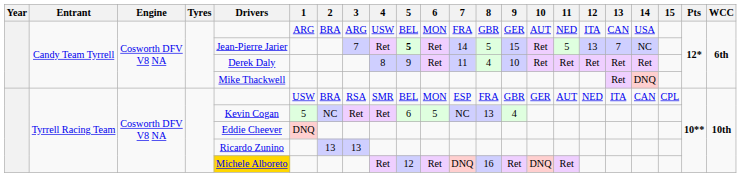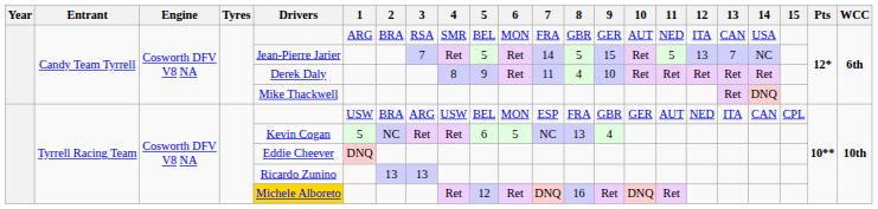 <table class="wikitable" style="text-align:center; font-size:95%">
 <tr>
 <th>Year</th>
 <th>Entrant</th>
 <th>Engine</th>
 <th>Tyres</th>
 <th>Drivers</th>
 <th>1</th>
 <th>2</th>
 <th>3</th>
 <th>4</th>
 <th>5</th>
 <th>6</th>
 <th>7</th>
 <th>8</th>
 <th>9</th>
 <th>10</th>
 <th>11</th>
 <th>12</th>
 <th>13</th>
 <th>14</th>
 <th>15</th>
 <th>Pts</th>
 <th>WCC</th>
 </tr>
 <tr>
 <th rowspan="4"></th>
 <td rowspan="4"><a href='#'>Candy Team Tyrrell</a></td>
 <td rowspan="4"><a href='#'>Cosworth DFV</a><br><a href='#'>V8</a> <a href='#'>NA</a></td>
 <td rowspan="4"></td>
 <td></td>
 <td><a href='#'>ARG</a></td>
 <td><a href='#'>BRA</a></td>
-<td><a href='#'>ARG</a></td>
-<td><a href='#'>USW</a></td>
+<td><a href='#'>RSA</a></td>
+<td><a href='#'>SMR</a></td>
 <td><a href='#'>BEL</a></td>
 <td><a href='#'>MON</a></td>
 <td><a href='#'>FRA</a></td>
 <td><a href='#'>GBR</a></td>
 <td><a href='#'>GER</a></td>
 <td><a href='#'>AUT</a></td>
 <td><a href='#'>NED</a></td>
 <td><a href='#'>ITA</a></td>
 <td><a href='#'>CAN</a></td>
 <td><a href='#'>USA</a></td>
 <td></td>
 <td rowspan="4"><strong>12*</strong></td>
 <td rowspan="4"><strong>6th</strong></td>
 </tr>
 <tr>
 <td><a href='#'>Jean-Pierre Jarier</a></td>
 <td></td>
 <td></td>
 <td style="background:#CFCFFF;">7</td>
 <td style="background:#EFCFFF;">Ret</td>
-<td style="background:#DFFFDF;"><strong>5</strong></td>
+<td style="background:#DFFFDF;">5</td>
 <td style="background:#EFCFFF;">Ret</td>
 <td style="background:#CFCFFF;">14</td>
 <td style="background:#DFFFDF;">5</td>
 <td style="background:#CFCFFF;">15</td>
 <td style="background:#EFCFFF;">Ret</td>
 <td style="background:#DFFFDF;">5</td>
 <td style="background:#CFCFFF;">13</td>
 <td style="background:#CFCFFF;">7</td>
 <td style="background:#CFCFFF;">NC</td>
 <td></td>
 </tr>
 <tr>
 <td><a href='#'>Derek Daly</a></td>
 <td></td>
 <td></td>
 <td></td>
 <td style="background:#CFCFFF;">8</td>
 <td style="background:#CFCFFF;">9</td>
 <td style="background:#EFCFFF;">Ret</td>
 <td style="background:#CFCFFF;">11</td>
 <td style="background:#DFFFDF;">4</td>
 <td style="background:#CFCFFF;">10</td>
 <td style="background:#EFCFFF;">Ret</td>
 <td style="background:#EFCFFF;">Ret</td>
 <td style="background:#EFCFFF;">Ret</td>
 <td style="background:#EFCFFF;">Ret</td>
 <td style="background:#EFCFFF;">Ret</td>
 <td></td>
 </tr>
 <tr>
 <td><a href='#'>Mike Thackwell</a></td>
 <td></td>
 <td></td>
 <td></td>
 <td></td>
 <td></td>
 <td></td>
 <td></td>
 <td></td>
 <td></td>
 <td></td>
 <td></td>
 <td></td>
 <td style="background:#EFCFFF;">Ret</td>
 <td style="background:#FFCFCF;">DNQ</td>
 <td></td>
 </tr>
 <tr>
 <th rowspan=5></th>
 <td rowspan=5><a href='#'>Tyrrell Racing Team</a></td>
 <td rowspan=5><a href='#'>Cosworth DFV</a><br><a href='#'>V8</a> <a href='#'>NA</a></td>
 <td rowspan=5><br></td>
 <td></td>
 <td><a href='#'>USW</a></td>
 <td><a href='#'>BRA</a></td>
-<td><a href='#'>RSA</a></td>
-<td><a href='#'>SMR</a></td>
+<td><a href='#'>ARG</a></td>
+<td><a href='#'>USW</a></td>
 <td><a href='#'>BEL</a></td>
 <td><a href='#'>MON</a></td>
 <td><a href='#'>ESP</a></td>
 <td><a href='#'>FRA</a></td>
 <td><a href='#'>GBR</a></td>
 <td><a href='#'>GER</a></td>
 <td><a href='#'>AUT</a></td>
 <td><a href='#'>NED</a></td>
 <td><a href='#'>ITA</a></td>
 <td><a href='#'>CAN</a></td>
 <td><a href='#'>CPL</a></td>
 <td rowspan="5"><strong>10**</strong></td>
 <td rowspan="5"><strong>10th</strong></td>
 </tr>
 <tr>
 <td><a href='#'>Kevin Cogan</a></td>
 <td style="background:#DFFFDF;">5</td>
 <td style="background:#CFCFFF;">NC</td>
 <td style="background:#EFCFFF;">Ret</td>
 <td style="background:#EFCFFF;">Ret</td>
 <td style="background:#DFFFDF;">6</td>
 <td style="background:#DFFFDF;">5</td>
 <td style="background:#CFCFFF;">NC</td>
 <td style="background:#CFCFFF;">13</td>
 <td style="background:#DFFFDF;">4</td>
 <td></td>
 <td></td>
 <td></td>
 <td></td>
 <td></td>
 <td></td>
 </tr>
 <tr>
 <td><a href='#'>Eddie Cheever</a></td>
 <td style="background:#FFCFCF;">DNQ</td>
 <td></td>
 <td></td>
 <td></td>
 <td></td>
 <td></td>
 <td></td>
 <td></td>
 <td></td>
 <td></td>
 <td></td>
 <td></td>
 <td></td>
 <td></td>
 <td></td>
 </tr>
 <tr>
 <td><a href='#'>Ricardo Zunino</a></td>
 <td></td>
 <td style="background:#CFCFFF;">13</td>
 <td style="background:#CFCFFF;">13</td>
 <td></td>
 <td></td>
 <td></td>
 <td></td>
 <td></td>
 <td></td>
 <td></td>
 <td></td>
 <td></td>
 <td></td>
 <td></td>
 <td></td>
 </tr>
 <tr>
 <td style="background: gold;"><a href='#'>Michele Alboreto</a></td>
 <td></td>
 <td></td>
 <td></td>
 <td style="background:#EFCFFF;">Ret</td>
 <td style="background:#CFCFFF;">12</td>
 <td style="background:#EFCFFF;">Ret</td>
 <td style="background:#FFCFCF;">DNQ</td>
 <td style="background:#CFCFFF;">16</td>
 <td style="background:#EFCFFF;">Ret</td>
 <td style="background:#FFCFCF;">DNQ</td>
 <td style="background:#EFCFFF;">Ret</td>
 <td></td>
 <td></td>
 <td></td>
 <td></td>
 </tr>
 </table>
